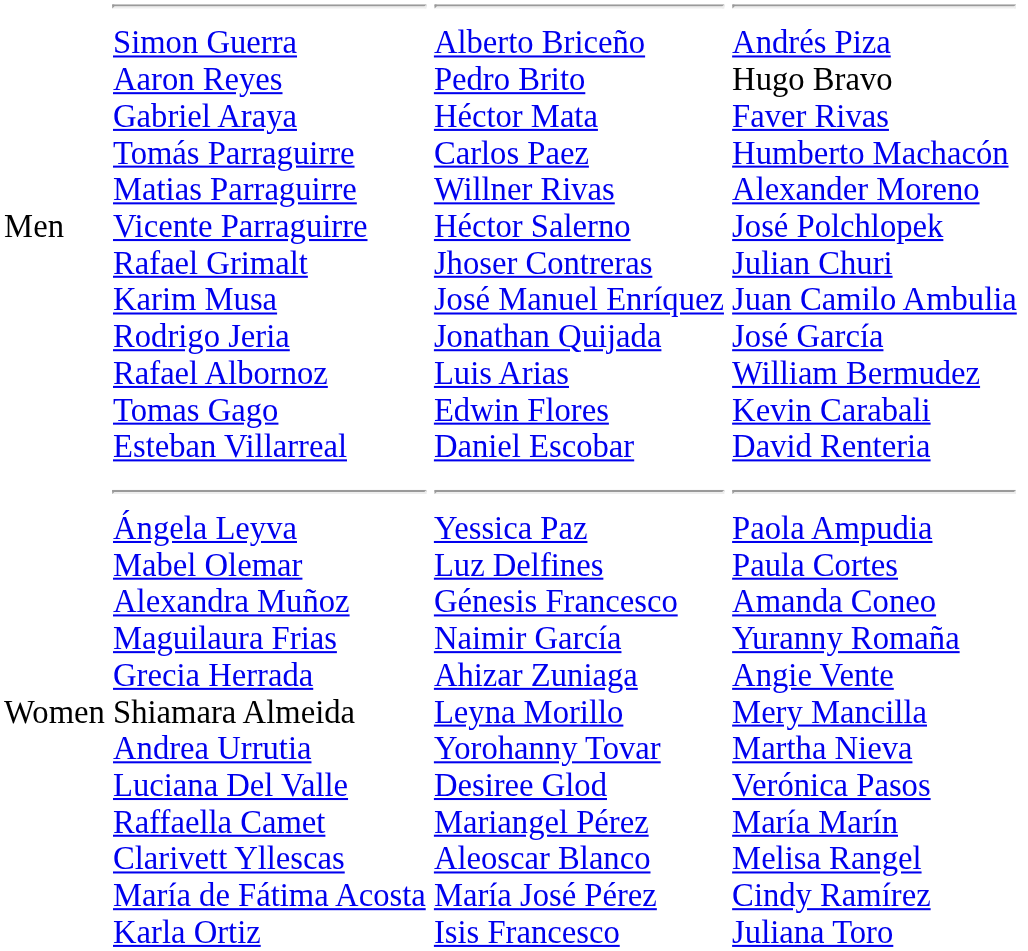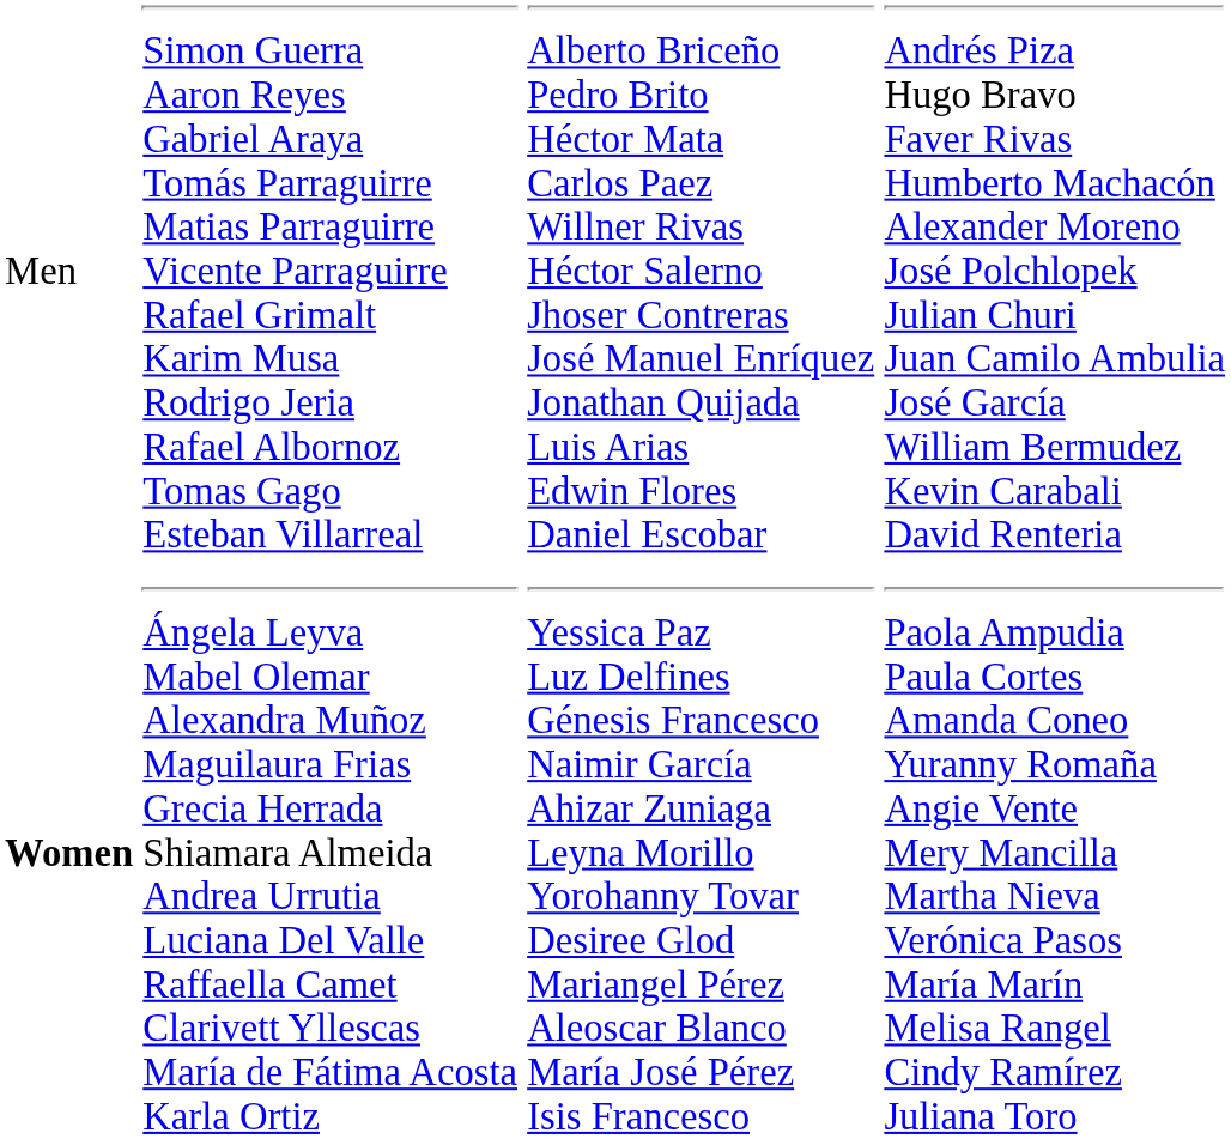 <table>
 <tr>
 <td>Men<br></td>
 <td><hr><a href='#'>Simon Guerra</a><br><a href='#'>Aaron Reyes</a><br><a href='#'>Gabriel Araya</a><br><a href='#'>Tomás Parraguirre</a><br><a href='#'>Matias Parraguirre</a><br><a href='#'>Vicente Parraguirre</a><br><a href='#'>Rafael Grimalt</a><br><a href='#'>Karim Musa</a><br><a href='#'>Rodrigo Jeria</a><br><a href='#'>Rafael Albornoz</a><br><a href='#'>Tomas Gago</a><br><a href='#'>Esteban Villarreal</a></td>
 <td><hr><a href='#'>Alberto Briceño</a><br><a href='#'>Pedro Brito</a><br><a href='#'>Héctor Mata</a><br><a href='#'>Carlos Paez</a><br><a href='#'>Willner Rivas</a><br><a href='#'>Héctor Salerno</a><br><a href='#'>Jhoser Contreras</a><br><a href='#'>José Manuel Enríquez</a><br><a href='#'>Jonathan Quijada</a><br><a href='#'>Luis Arias</a><br><a href='#'>Edwin Flores</a><br><a href='#'>Daniel Escobar</a></td>
 <td><hr><a href='#'>Andrés Piza</a><br>Hugo Bravo<br><a href='#'>Faver Rivas</a><br><a href='#'>Humberto Machacón</a><br><a href='#'>Alexander Moreno</a><br><a href='#'>José Polchlopek</a><br><a href='#'>Julian Churi</a><br><a href='#'>Juan Camilo Ambulia</a><br><a href='#'>José García</a><br><a href='#'>William Bermudez</a><br><a href='#'>Kevin Carabali</a><br><a href='#'>David Renteria</a></td>
 </tr>
 <tr>
-<td>Women<br></td>
+<td><strong>Women<br></strong></td>
 <td><hr><a href='#'>Ángela Leyva</a><br><a href='#'>Mabel Olemar</a><br><a href='#'>Alexandra Muñoz</a><br><a href='#'>Maguilaura Frias</a><br><a href='#'>Grecia Herrada</a><br>Shiamara Almeida<br><a href='#'>Andrea Urrutia</a><br><a href='#'>Luciana Del Valle</a><br><a href='#'>Raffaella Camet</a><br><a href='#'>Clarivett Yllescas</a><br><a href='#'>María de Fátima Acosta</a><br><a href='#'>Karla Ortiz</a></td>
 <td><hr><a href='#'>Yessica Paz</a><br><a href='#'>Luz Delfines</a><br><a href='#'>Génesis Francesco</a><br><a href='#'>Naimir García</a><br><a href='#'>Ahizar Zuniaga</a><br><a href='#'>Leyna Morillo</a><br><a href='#'>Yorohanny Tovar</a><br><a href='#'>Desiree Glod</a><br><a href='#'>Mariangel Pérez</a><br><a href='#'>Aleoscar Blanco</a><br><a href='#'>María José Pérez</a><br><a href='#'>Isis Francesco</a></td>
 <td><hr><a href='#'>Paola Ampudia</a><br><a href='#'>Paula Cortes</a><br><a href='#'>Amanda Coneo</a><br><a href='#'>Yuranny Romaña</a><br><a href='#'>Angie Vente</a><br><a href='#'>Mery Mancilla</a><br><a href='#'>Martha Nieva</a><br><a href='#'>Verónica Pasos</a><br><a href='#'>María Marín</a><br><a href='#'>Melisa Rangel</a><br><a href='#'>Cindy Ramírez</a><br><a href='#'>Juliana Toro</a></td>
 </tr>
 </table>
